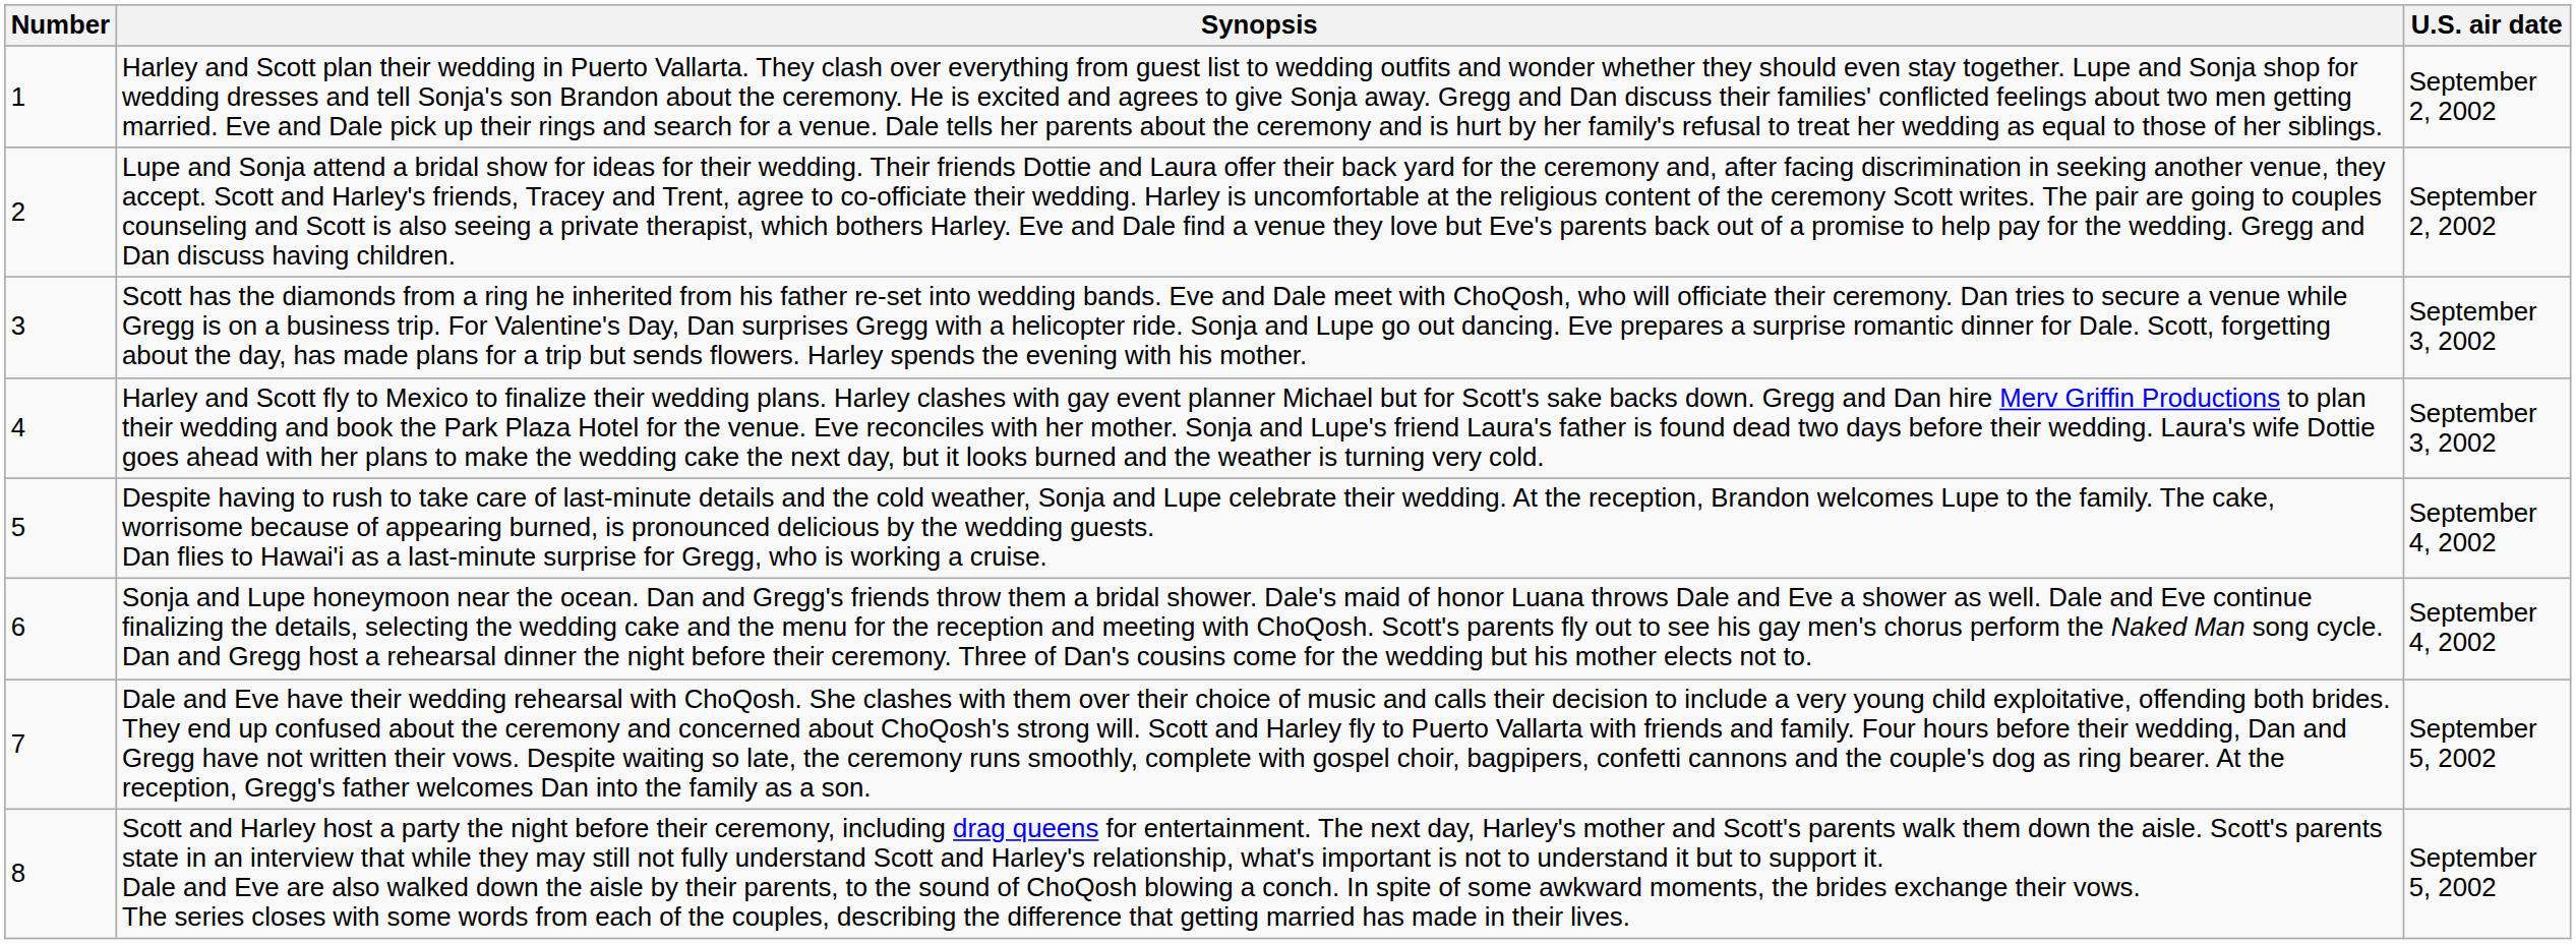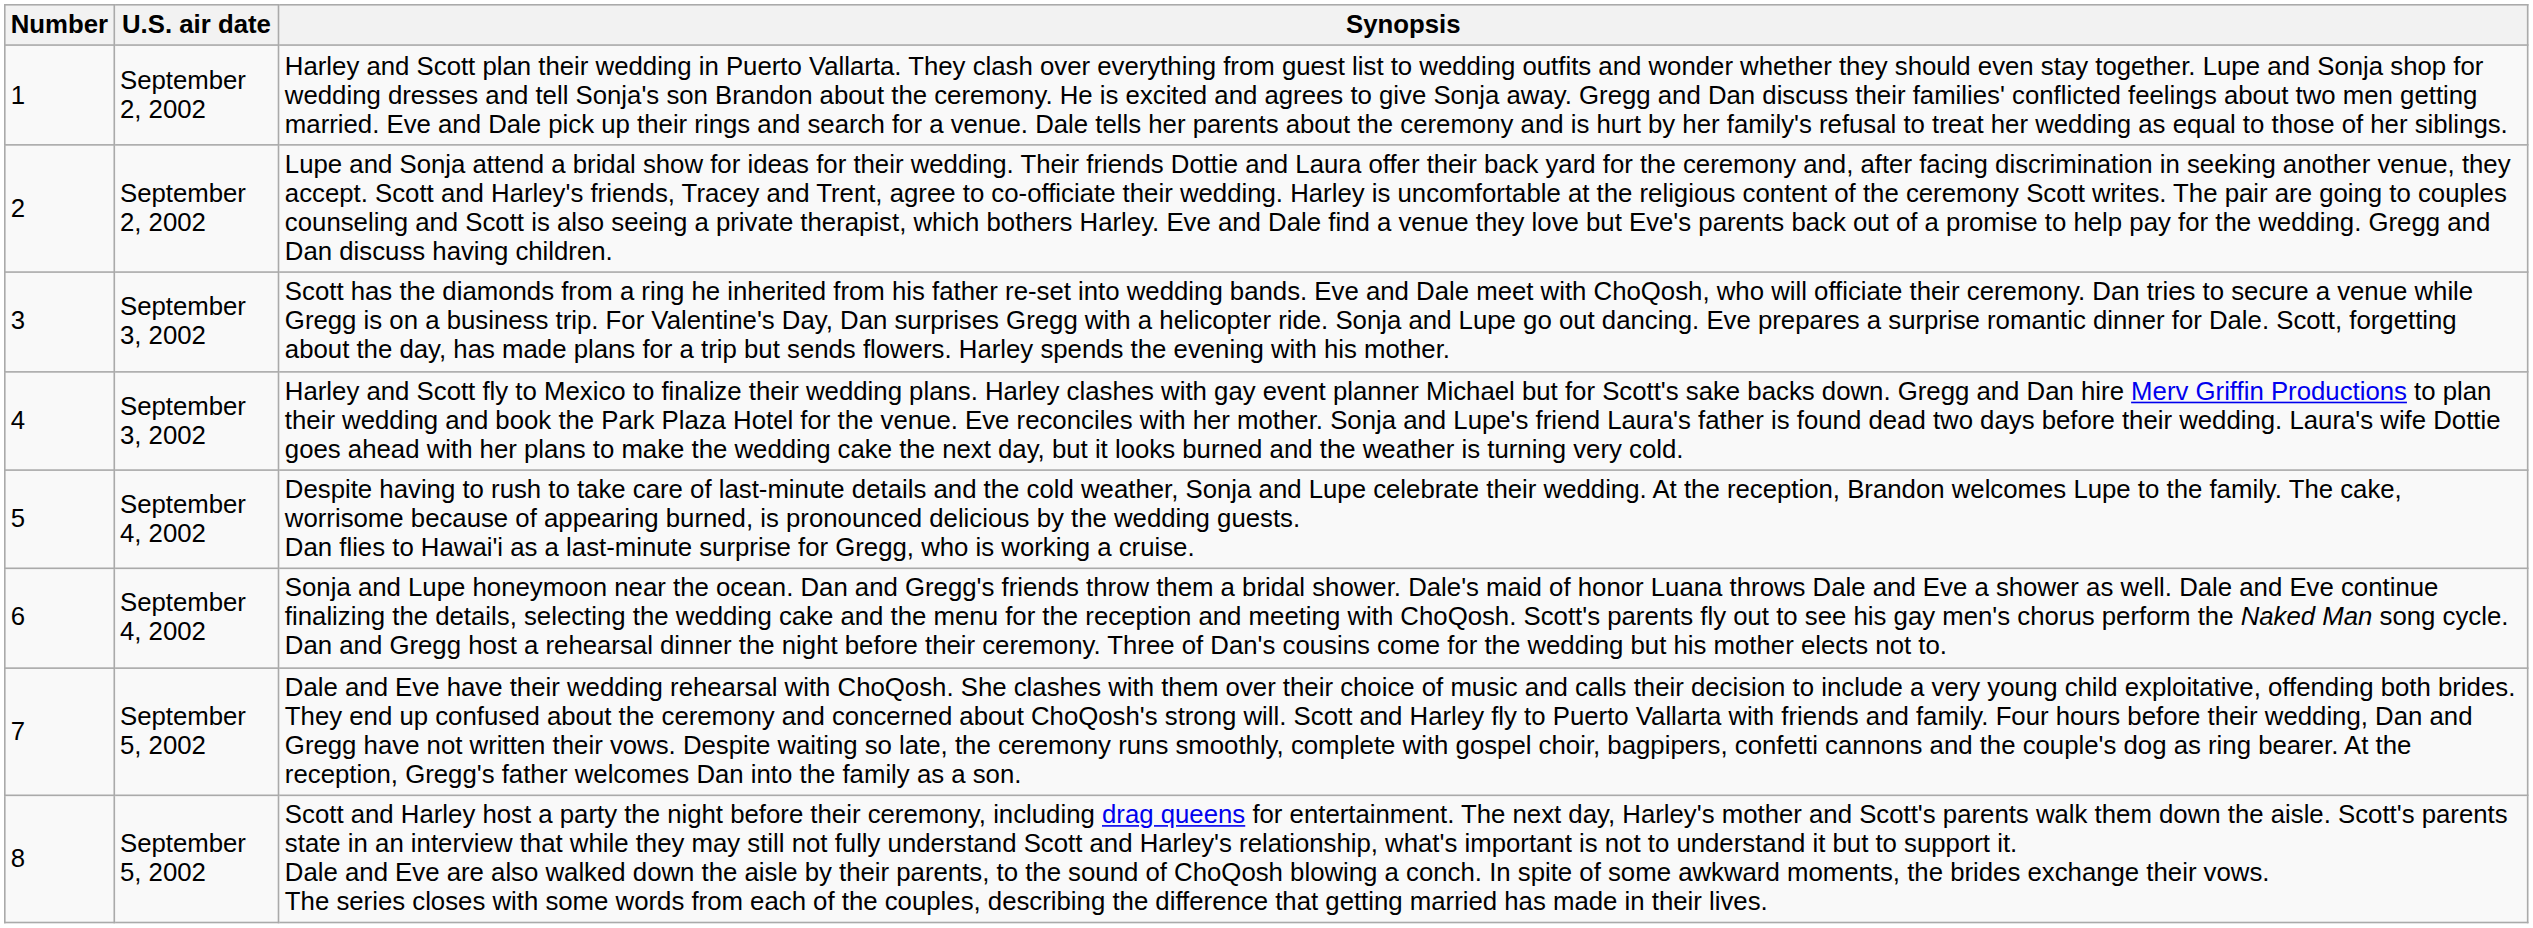 <table class="wikitable">
 <tr>
 <th>Number</th>
+<th>U.S. air date</th>
 <th>Synopsis</th>
-<th>U.S. air date</th>
 </tr>
 <tr>
 <td>1</td>
+<td>September 2, 2002</td>
 <td>Harley and Scott plan their wedding in Puerto Vallarta. They clash over everything from guest list to wedding outfits and wonder whether they should even stay together. Lupe and Sonja shop for wedding dresses and tell Sonja's son Brandon about the ceremony. He is excited and agrees to give Sonja away. Gregg and Dan discuss their families' conflicted feelings about two men getting married. Eve and Dale pick up their rings and search for a venue. Dale tells her parents about the ceremony and is hurt by her family's refusal to treat her wedding as equal to those of her siblings.</td>
-<td>September 2, 2002</td>
 </tr>
 <tr>
 <td>2</td>
+<td>September 2, 2002</td>
 <td>Lupe and Sonja attend a bridal show for ideas for their wedding. Their friends Dottie and Laura offer their back yard for the ceremony and, after facing discrimination in seeking another venue, they accept. Scott and Harley's friends, Tracey and Trent, agree to co-officiate their wedding. Harley is uncomfortable at the religious content of the ceremony Scott writes. The pair are going to couples counseling and Scott is also seeing a private therapist, which bothers Harley. Eve and Dale find a venue they love but Eve's parents back out of a promise to help pay for the wedding. Gregg and Dan discuss having children.</td>
-<td>September 2, 2002</td>
 </tr>
 <tr>
 <td>3</td>
+<td>September 3, 2002</td>
 <td>Scott has the diamonds from a ring he inherited from his father re-set into wedding bands. Eve and Dale meet with ChoQosh, who will officiate their ceremony. Dan tries to secure a venue while Gregg is on a business trip. For Valentine's Day, Dan surprises Gregg with a helicopter ride. Sonja and Lupe go out dancing. Eve prepares a surprise romantic dinner for Dale. Scott, forgetting about the day, has made plans for a trip but sends flowers. Harley spends the evening with his mother.</td>
-<td>September 3, 2002</td>
 </tr>
 <tr>
 <td>4</td>
+<td>September 3, 2002</td>
 <td>Harley and Scott fly to Mexico to finalize their wedding plans. Harley clashes with gay event planner Michael but for Scott's sake backs down. Gregg and Dan hire <a href='#'>Merv Griffin Productions</a> to plan their wedding and book the Park Plaza Hotel for the venue. Eve reconciles with her mother. Sonja and Lupe's friend Laura's father is found dead two days before their wedding. Laura's wife Dottie goes ahead with her plans to make the wedding cake the next day, but it looks burned and the weather is turning very cold.</td>
-<td>September 3, 2002</td>
 </tr>
 <tr>
 <td>5</td>
+<td>September 4, 2002</td>
 <td>Despite having to rush to take care of last-minute details and the cold weather, Sonja and Lupe celebrate their wedding. At the reception, Brandon welcomes Lupe to the family. The cake, worrisome because of appearing burned, is pronounced delicious by the wedding guests.<br>Dan flies to Hawai'i as a last-minute surprise for Gregg, who is working a cruise.</td>
-<td>September 4, 2002</td>
 </tr>
 <tr>
 <td>6</td>
+<td>September 4, 2002</td>
 <td>Sonja and Lupe honeymoon near the ocean. Dan and Gregg's friends throw them a bridal shower. Dale's maid of honor Luana throws Dale and Eve a shower as well. Dale and Eve continue finalizing the details, selecting the wedding cake and the menu for the reception and meeting with ChoQosh. Scott's parents fly out to see his gay men's chorus perform the <em>Naked Man</em> song cycle. Dan and Gregg host a rehearsal dinner the night before their ceremony. Three of Dan's cousins come for the wedding but his mother elects not to.</td>
-<td>September 4, 2002</td>
 </tr>
 <tr>
 <td>7</td>
+<td>September 5, 2002</td>
 <td>Dale and Eve have their wedding rehearsal with ChoQosh. She clashes with them over their choice of music and calls their decision to include a very young child exploitative, offending both brides. They end up confused about the ceremony and concerned about ChoQosh's strong will. Scott and Harley fly to Puerto Vallarta with friends and family. Four hours before their wedding, Dan and Gregg have not written their vows. Despite waiting so late, the ceremony runs smoothly, complete with gospel choir, bagpipers, confetti cannons and the couple's dog as ring bearer. At the reception, Gregg's father welcomes Dan into the family as a son.</td>
-<td>September 5, 2002</td>
 </tr>
 <tr>
 <td>8</td>
+<td>September 5, 2002</td>
 <td>Scott and Harley host a party the night before their ceremony, including <a href='#'>drag queens</a> for entertainment. The next day, Harley's mother and Scott's parents walk them down the aisle. Scott's parents state in an interview that while they may still not fully understand Scott and Harley's relationship, what's important is not to understand it but to support it.<br>Dale and Eve are also walked down the aisle by their parents, to the sound of ChoQosh blowing a conch. In spite of some awkward moments, the brides exchange their vows.<br>The series closes with some words from each of the couples, describing the difference that getting married has made in their lives.</td>
-<td>September 5, 2002</td>
 </tr>
 </table>
